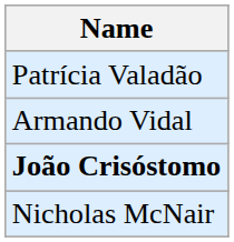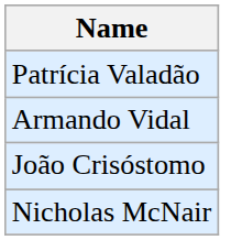 <table class="wikitable">
 <tr>
 <th>Name</th>
 </tr>
 <tr bgcolor=#DDEEFF>
 <td>Patrícia Valadão</td>
 </tr>
 <tr bgcolor=#DDEEFF>
 <td>Armando Vidal</td>
 </tr>
 <tr bgcolor=#DDEEFF>
-<td><strong>João Crisóstomo</strong></td>
+<td>João Crisóstomo</td>
 </tr>
 <tr bgcolor=#DDEEFF>
 <td>Nicholas McNair</td>
 </tr>
 </table>
